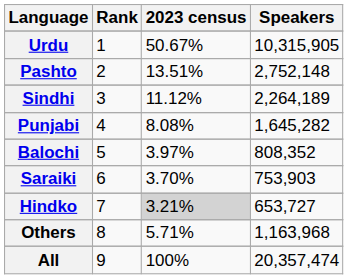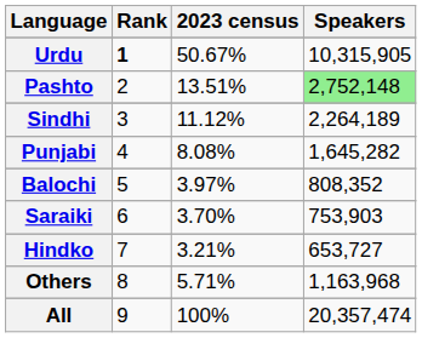 <table class="wikitable">
 <tr>
 <th>Language</th>
 <th>Rank</th>
 <th>2023 census</th>
 <th>Speakers</th>
 </tr>
 <tr>
 </tr>
 <tr>
 </tr>
 <tr>
 </tr>
 <tr>
 </tr>
 <tr>
 </tr>
 <tr>
 </tr>
 <tr>
 <th><a href='#'>Urdu</a></th>
-<td>1</td>
+<td><strong>1</strong></td>
 <td>50.67%</td>
 <td>10,315,905</td>
 </tr>
 <tr>
 </tr>
 <tr>
 </tr>
 <tr>
 </tr>
 <tr>
 </tr>
 <tr>
 </tr>
 <tr>
 <th><a href='#'>Pashto</a></th>
 <td>2</td>
 <td>13.51%</td>
-<td>2,752,148</td>
+<td style="background: lightgreen;">2,752,148</td>
 </tr>
 <tr>
 </tr>
 <tr>
 </tr>
 <tr>
 </tr>
 <tr>
 <th><a href='#'>Sindhi</a></th>
 <td>3</td>
 <td>11.12%</td>
 <td>2,264,189</td>
 </tr>
 <tr>
 </tr>
 <tr>
 </tr>
 <tr>
 </tr>
 <tr>
 <th><a href='#'>Punjabi</a></th>
 <td>4</td>
 <td>8.08%</td>
 <td>1,645,282</td>
 </tr>
 <tr>
 </tr>
 <tr>
 </tr>
 <tr>
 </tr>
 <tr>
 <th><a href='#'>Balochi</a></th>
 <td>5</td>
 <td>3.97%</td>
 <td>808,352</td>
 </tr>
 <tr>
 </tr>
 <tr>
 </tr>
 <tr>
 </tr>
 <tr>
 <th><a href='#'>Saraiki</a></th>
 <td>6</td>
 <td>3.70%</td>
 <td>753,903</td>
 </tr>
 <tr>
 </tr>
 <tr>
 </tr>
 <tr>
 </tr>
 <tr>
 <th><a href='#'>Hindko</a></th>
 <td>7</td>
-<td style="background: lightgrey;">3.21%</td>
+<td>3.21%</td>
 <td>653,727</td>
 </tr>
 <tr>
 </tr>
 <tr>
 </tr>
 <tr>
 </tr>
 <tr>
 <th>Others</th>
 <td>8</td>
 <td>5.71%</td>
 <td>1,163,968</td>
 </tr>
 <tr>
 </tr>
 <tr>
 </tr>
 <tr>
 </tr>
 <tr>
 <th>All</th>
 <td>9</td>
 <td>100%</td>
 <td>20,357,474</td>
 </tr>
 </table>
